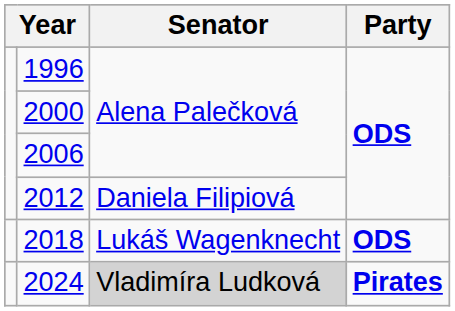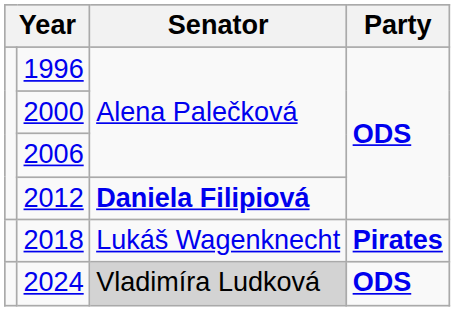 <table class="wikitable">
 <tr>
 <th colspan="2">Year</th>
 <th>Senator</th>
 <th>Party</th>
 </tr>
 <tr>
 <td rowspan="4" style="background-color:"></td>
 <td><a href='#'>1996</a></td>
 <td rowspan="3"><a href='#'>Alena Palečková</a></td>
 <td rowspan="4"><a href='#'><strong>ODS</strong></a></td>
 </tr>
 <tr>
 <td><a href='#'>2000</a></td>
 </tr>
 <tr>
 <td><a href='#'>2006</a></td>
 </tr>
 <tr>
 <td><a href='#'>2012</a></td>
-<td><a href='#'>Daniela Filipiová</a></td>
+<td><strong><a href='#'>Daniela Filipiová</a></strong></td>
 </tr>
 <tr>
 <td style="background-color:"></td>
 <td><a href='#'>2018</a></td>
 <td><a href='#'>Lukáš Wagenknecht</a></td>
-<td><a href='#'><strong>ODS</strong></a></td>
+<td><a href='#'><strong>Pirates</strong></a></td>
 </tr>
 <tr>
 <td style="background-color:"></td>
 <td><a href='#'>2024</a></td>
 <td style="background: lightgrey;">Vladimíra Ludková</td>
-<td><a href='#'><strong>Pirates</strong></a></td>
+<td><a href='#'><strong>ODS</strong></a></td>
 </tr>
 </table>
